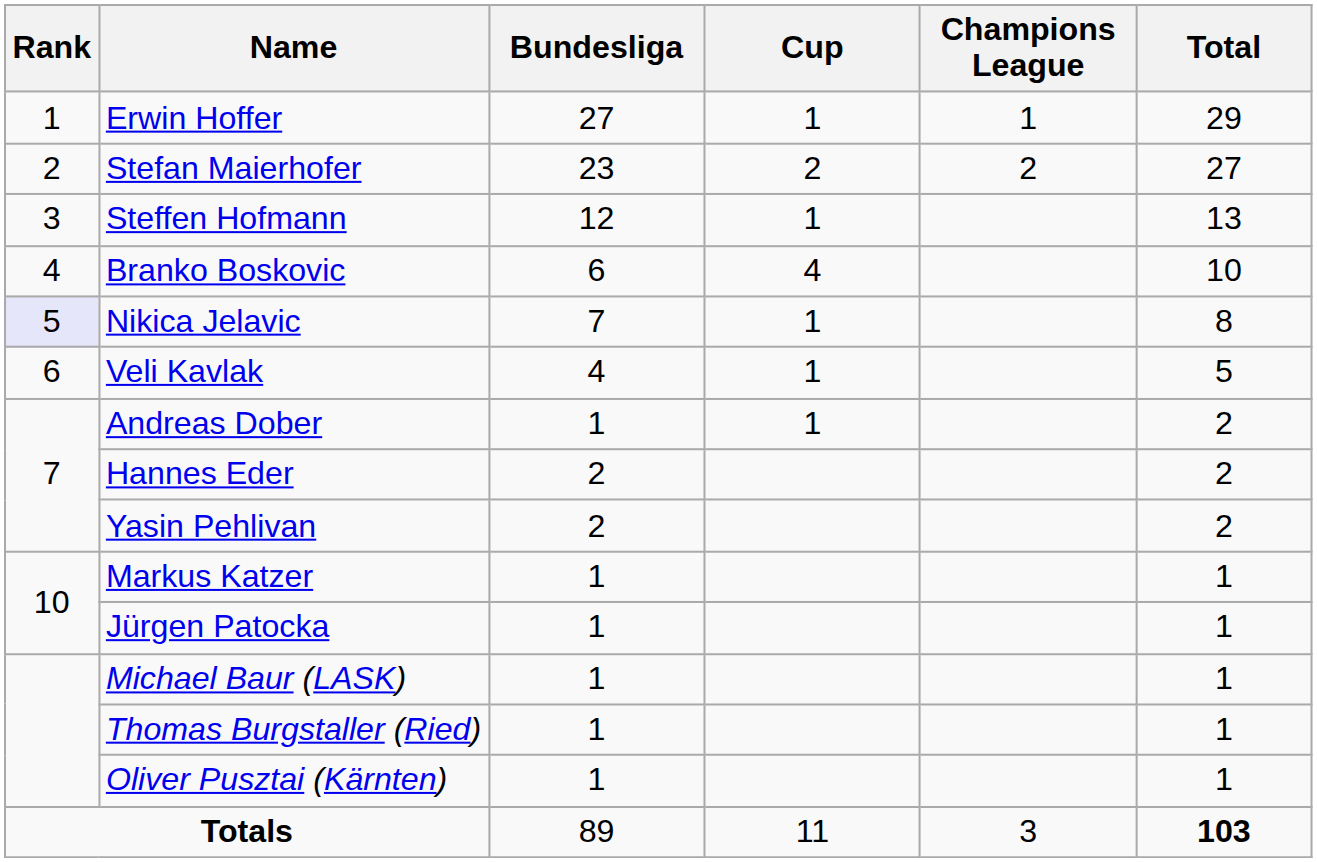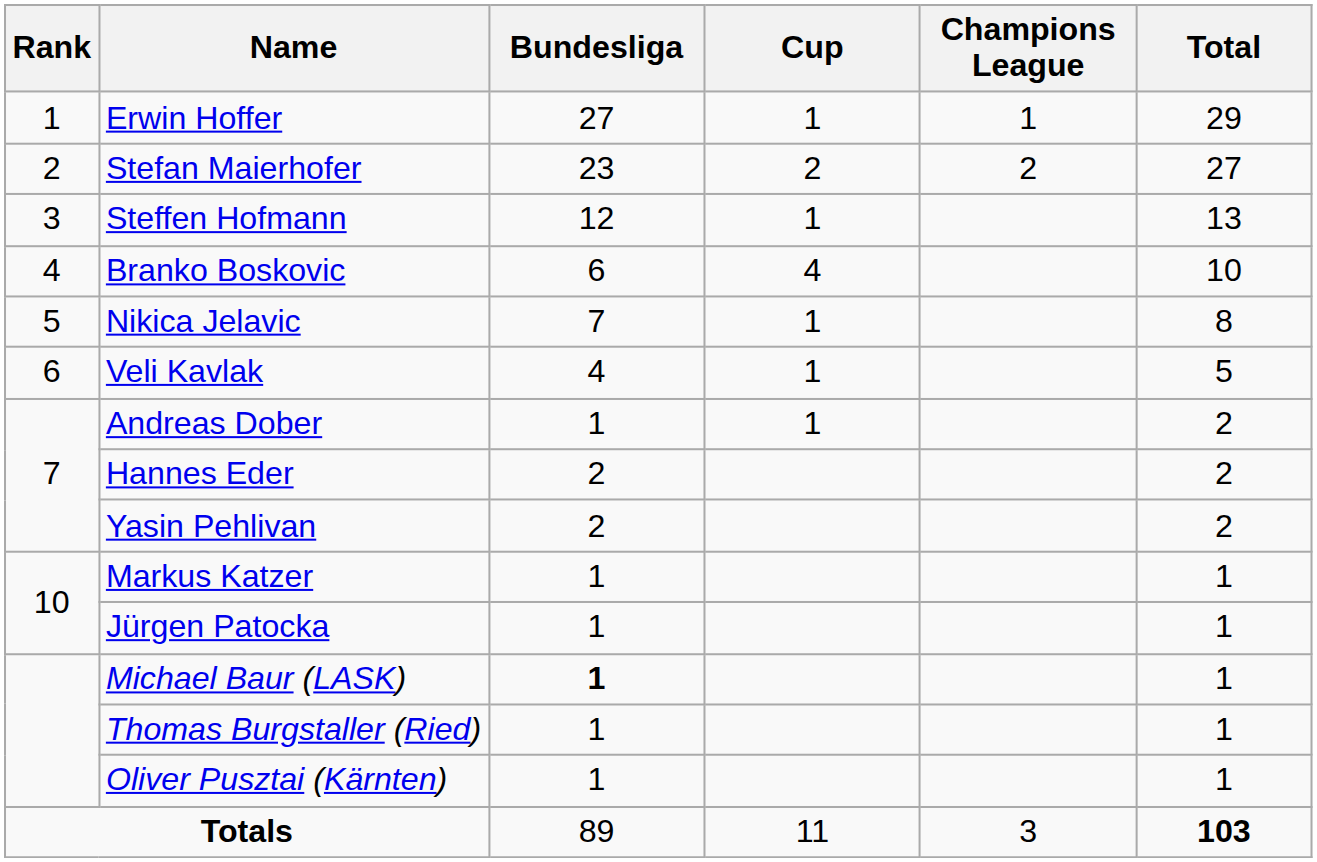 <table class="wikitable" style="text-align: center;">
 <tr>
 <th>Rank</th>
 <th>Name</th>
 <th width=100>Bundesliga</th>
 <th width=100>Cup</th>
 <th width=100>Champions League</th>
 <th width=80><strong>Total</strong></th>
 </tr>
 <tr>
 <td>1</td>
 <td align="left"> <a href='#'>Erwin Hoffer</a></td>
 <td>27</td>
 <td>1</td>
 <td>1</td>
 <td>29</td>
 </tr>
 <tr>
 <td>2</td>
 <td align="left"> <a href='#'>Stefan Maierhofer</a></td>
 <td>23</td>
 <td>2</td>
 <td>2</td>
 <td>27</td>
 </tr>
 <tr>
 <td>3</td>
 <td align="left"> <a href='#'>Steffen Hofmann</a></td>
 <td>12</td>
 <td>1</td>
 <td></td>
 <td>13</td>
 </tr>
 <tr>
 <td>4</td>
 <td align="left"> <a href='#'>Branko Boskovic</a></td>
 <td>6</td>
 <td>4</td>
 <td></td>
 <td>10</td>
 </tr>
 <tr>
-<td style="background: lavender;">5</td>
+<td>5</td>
 <td align="left"> <a href='#'>Nikica Jelavic</a></td>
 <td>7</td>
 <td>1</td>
 <td></td>
 <td>8</td>
 </tr>
 <tr>
 <td>6</td>
 <td align="left"> <a href='#'>Veli Kavlak</a></td>
 <td>4</td>
 <td>1</td>
 <td></td>
 <td>5</td>
 </tr>
 <tr>
 <td rowspan="3">7</td>
 <td align="left"> <a href='#'>Andreas Dober</a></td>
 <td>1</td>
 <td>1</td>
 <td></td>
 <td>2</td>
 </tr>
 <tr>
 <td align="left"> <a href='#'>Hannes Eder</a></td>
 <td>2</td>
 <td></td>
 <td></td>
 <td>2</td>
 </tr>
 <tr>
 <td align="left"> <a href='#'>Yasin Pehlivan</a></td>
 <td>2</td>
 <td></td>
 <td></td>
 <td>2</td>
 </tr>
 <tr>
 <td rowspan="2">10</td>
 <td align="left"> <a href='#'>Markus Katzer</a></td>
 <td>1</td>
 <td></td>
 <td></td>
 <td>1</td>
 </tr>
 <tr>
 <td align="left"> <a href='#'>Jürgen Patocka</a></td>
 <td>1</td>
 <td></td>
 <td></td>
 <td>1</td>
 </tr>
 <tr>
 <td rowspan="3"></td>
 <td align="left"> <em><a href='#'>Michael Baur</a> (<a href='#'>LASK</a>)</em></td>
-<td>1</td>
+<td><strong>1</strong></td>
 <td></td>
 <td></td>
 <td>1</td>
 </tr>
 <tr>
 <td align="left"> <em><a href='#'>Thomas Burgstaller</a> (<a href='#'>Ried</a>)</em></td>
 <td>1</td>
 <td></td>
 <td></td>
 <td>1</td>
 </tr>
 <tr>
 <td align="left"> <em><a href='#'>Oliver Pusztai</a> (<a href='#'>Kärnten</a>)</em></td>
 <td>1</td>
 <td></td>
 <td></td>
 <td>1</td>
 </tr>
 <tr>
 <td colspan="2"><strong>Totals</strong></td>
 <td>89</td>
 <td>11</td>
 <td>3</td>
 <td><strong>103</strong></td>
 </tr>
 </table>
